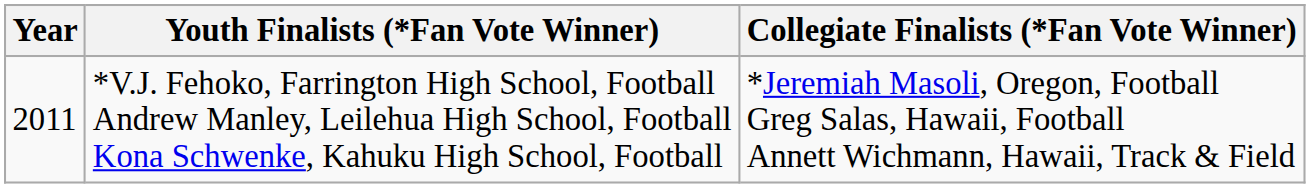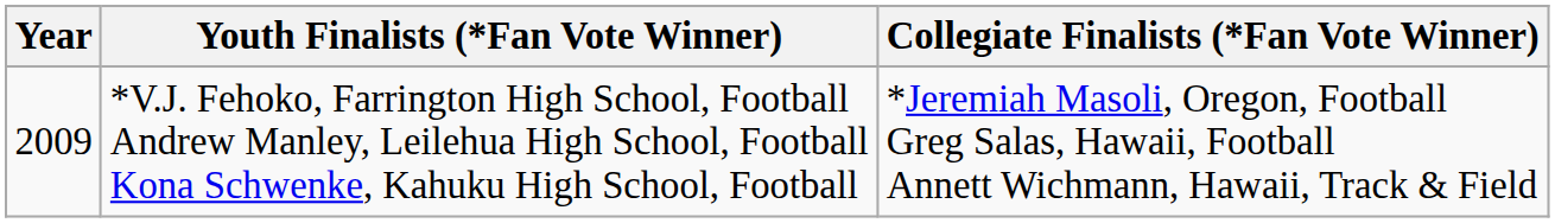 <table class="wikitable">
 <tr>
 <th>Year</th>
 <th>Youth Finalists (*Fan Vote Winner)</th>
 <th>Collegiate Finalists (*Fan Vote Winner)</th>
 </tr>
 <tr>
-<td>2011</td>
+<td>2009</td>
 <td>*V.J. Fehoko, Farrington High School, Football <br> Andrew Manley, Leilehua High School, Football <br> <a href='#'>Kona Schwenke</a>, Kahuku High School, Football</td>
 <td>*<a href='#'>Jeremiah Masoli</a>, Oregon, Football<br> Greg Salas, Hawaii, Football <br> Annett Wichmann, Hawaii, Track & Field</td>
 </tr>
 </table>
